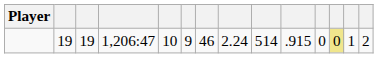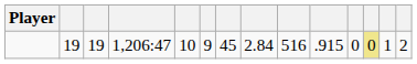 <table class="wikitable sortable" style="text-align:center;">
 <tr>
 <th>Player</th>
 <th></th>
 <th></th>
 <th></th>
 <th></th>
 <th></th>
 <th></th>
 <th></th>
 <th></th>
 <th></th>
 <th></th>
 <th></th>
 <th></th>
 <th></th>
 </tr>
 <tr>
 <td></td>
 <td>19</td>
 <td>19</td>
 <td>1,206:47</td>
 <td>10</td>
 <td>9</td>
-<td>46</td>
-<td>2.24</td>
-<td>514</td>
+<td>45</td>
+<td>2.84</td>
+<td>516</td>
 <td>.915</td>
 <td>0</td>
 <td style="background: khaki;">0</td>
 <td>1</td>
 <td>2</td>
 </tr>
 </table>
